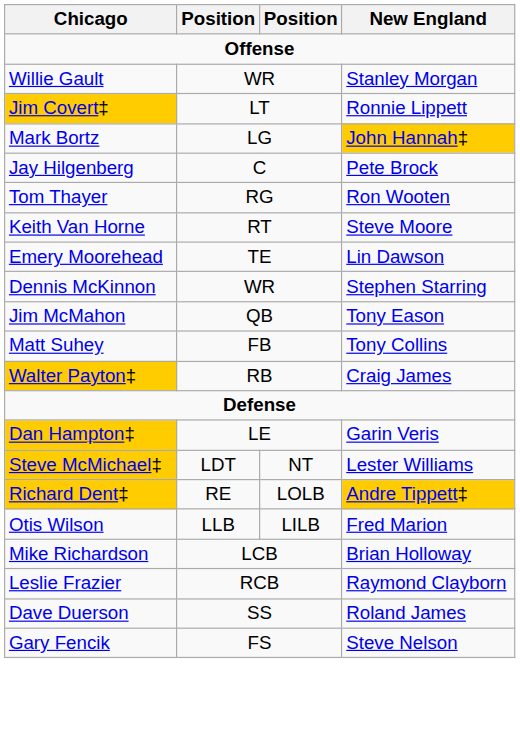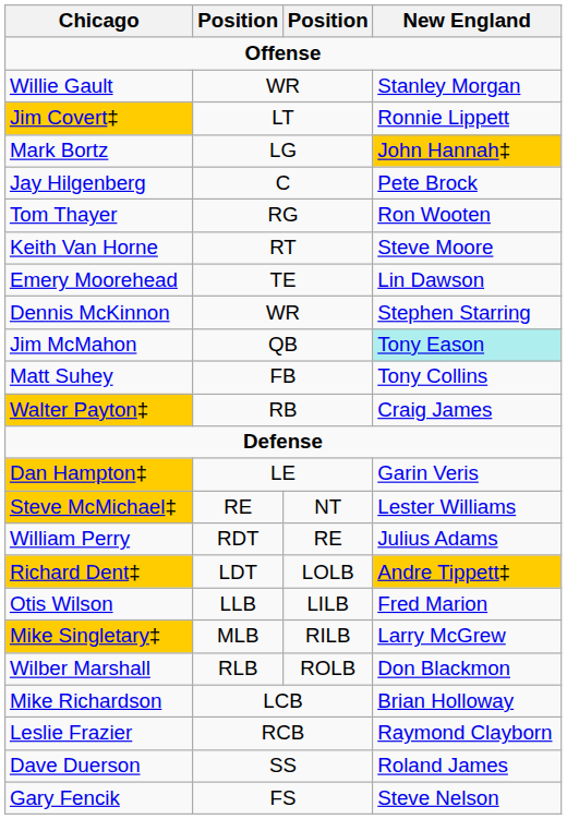 <table class="wikitable">
 <tr>
 <th style="width:140px">Chicago</th>
 <th>Position</th>
 <th>Position</th>
 <th style="width:140px">New England</th>
 </tr>
 <tr>
 <td colspan="4" style="text-align:center;"><strong>Offense</strong></td>
 </tr>
 <tr>
 <td><a href='#'>Willie Gault</a></td>
 <td colspan="2" style="text-align:center;">WR</td>
 <td><a href='#'>Stanley Morgan</a></td>
 </tr>
 <tr>
 <td bgcolor="#FFCC00"><a href='#'>Jim Covert</a>‡</td>
 <td colspan="2" style="text-align:center;">LT</td>
 <td><a href='#'>Ronnie Lippett</a></td>
 </tr>
 <tr>
 <td><a href='#'>Mark Bortz</a></td>
 <td colspan="2" style="text-align:center;">LG</td>
 <td bgcolor="#FFCC00"><a href='#'>John Hannah</a>‡</td>
 </tr>
 <tr>
 <td><a href='#'>Jay Hilgenberg</a></td>
 <td colspan="2" style="text-align:center;">C</td>
 <td><a href='#'>Pete Brock</a></td>
 </tr>
 <tr>
 <td><a href='#'>Tom Thayer</a></td>
 <td colspan="2" style="text-align:center;">RG</td>
 <td><a href='#'>Ron Wooten</a></td>
 </tr>
 <tr>
 <td><a href='#'>Keith Van Horne</a></td>
 <td colspan="2" style="text-align:center;">RT</td>
 <td><a href='#'>Steve Moore</a></td>
 </tr>
 <tr>
 <td><a href='#'>Emery Moorehead</a></td>
 <td colspan="2" style="text-align:center;">TE</td>
 <td><a href='#'>Lin Dawson</a></td>
 </tr>
 <tr>
 <td><a href='#'>Dennis McKinnon</a></td>
 <td colspan="2" style="text-align:center;">WR</td>
 <td><a href='#'>Stephen Starring</a></td>
 </tr>
 <tr>
 <td><a href='#'>Jim McMahon</a></td>
 <td colspan="2" style="text-align:center;">QB</td>
-<td><a href='#'>Tony Eason</a></td>
+<td style="background: paleturquoise;"><a href='#'>Tony Eason</a></td>
 </tr>
 <tr>
 <td><a href='#'>Matt Suhey</a></td>
 <td colspan="2" style="text-align:center;">FB</td>
 <td><a href='#'>Tony Collins</a></td>
 </tr>
 <tr>
 <td bgcolor="#FFCC00"><a href='#'>Walter Payton</a>‡</td>
 <td colspan="2" style="text-align:center;">RB</td>
 <td><a href='#'>Craig James</a></td>
 </tr>
 <tr>
 <td colspan="4" style="text-align:center;"><strong>Defense</strong></td>
 </tr>
 <tr>
 <td bgcolor="#FFCC00"><a href='#'>Dan Hampton</a>‡</td>
 <td colspan="2" style="text-align:center;">LE</td>
 <td><a href='#'>Garin Veris</a></td>
 </tr>
 <tr>
 <td bgcolor="#FFCC00"><a href='#'>Steve McMichael</a>‡</td>
-<td style="text-align:center;">LDT</td>
+<td style="text-align:center;">RE</td>
 <td style="text-align:center;">NT</td>
 <td><a href='#'>Lester Williams</a></td>
 </tr>
 <tr>
+<td><a href='#'>William Perry</a></td>
+<td style="text-align:center;">RDT</td>
+<td style="text-align:center;">RE</td>
+<td><a href='#'>Julius Adams</a></td>
+</tr>
+<tr>
 <td bgcolor="#FFCC00"><a href='#'>Richard Dent</a>‡</td>
-<td style="text-align:center;">RE</td>
+<td style="text-align:center;">LDT</td>
 <td style="text-align:center;">LOLB</td>
 <td bgcolor="#FFCC00"><a href='#'>Andre Tippett</a>‡</td>
 </tr>
 <tr>
 <td><a href='#'>Otis Wilson</a></td>
 <td style="text-align:center;">LLB</td>
 <td style="text-align:center;">LILB</td>
 <td><a href='#'>Fred Marion</a></td>
+</tr>
+<tr>
+<td bgcolor="#FFCC00"><a href='#'>Mike Singletary</a>‡</td>
+<td style="text-align:center;">MLB</td>
+<td style="text-align:center;">RILB</td>
+<td><a href='#'>Larry McGrew</a></td>
+</tr>
+<tr>
+<td><a href='#'>Wilber Marshall</a></td>
+<td style="text-align:center;">RLB</td>
+<td style="text-align:center;">ROLB</td>
+<td><a href='#'>Don Blackmon</a></td>
 </tr>
 <tr>
 <td><a href='#'>Mike Richardson</a></td>
 <td colspan="2" style="text-align:center;">LCB</td>
 <td><a href='#'>Brian Holloway</a></td>
 </tr>
 <tr>
 <td><a href='#'>Leslie Frazier</a></td>
 <td colspan="2" style="text-align:center;">RCB</td>
 <td><a href='#'>Raymond Clayborn</a></td>
 </tr>
 <tr>
 <td><a href='#'>Dave Duerson</a></td>
 <td colspan="2" style="text-align:center;">SS</td>
 <td><a href='#'>Roland James</a></td>
 </tr>
 <tr>
 <td><a href='#'>Gary Fencik</a></td>
 <td colspan="2" style="text-align:center;">FS</td>
 <td><a href='#'>Steve Nelson</a></td>
 </tr>
 </table>
